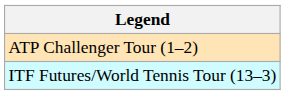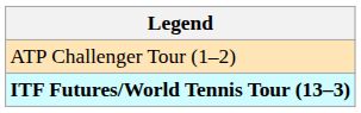 <table class=wikitable style=font-size:97% align=left>
 <tr>
 <th>Legend</th>
 </tr>
 <tr style="background:moccasin;">
 <td>ATP Challenger Tour (1–2)</td>
 </tr>
 <tr style="background:#cffcff;">
-<td>ITF Futures/World Tennis Tour (13–3)</td>
+<td><strong>ITF Futures/World Tennis Tour (13–3)</strong></td>
 </tr>
 </table>
